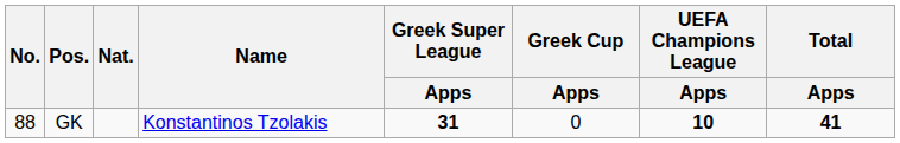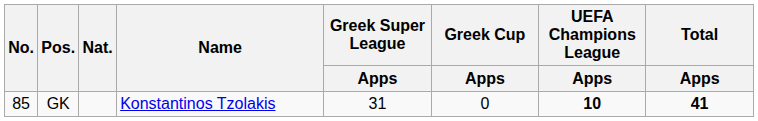 <table class="wikitable sortable" style="text-align:center">
 <tr>
 <th style="text-align:center;" rowspan="2">No.</th>
 <th style="text-align:center;" rowspan="2">Pos.</th>
 <th style="text-align:center;" rowspan="2">Nat.</th>
 <th style="text-align:center; width:200px;" rowspan="2">Name</th>
 <th style="text-align:center; width:100px;">Greek Super League</th>
 <th style="text-align:center; width:100px;">Greek Cup</th>
 <th style="text-align:center; width:100px;">UEFA Champions League</th>
 <th style="text-align:center; width:100px;">Total</th>
 </tr>
 <tr>
 <th style="text-align:center;">Apps</th>
 <th style="text-align:center;">Apps</th>
 <th style="text-align:center;">Apps</th>
 <th style="text-align:center;">Apps</th>
 </tr>
 <tr>
 </tr>
 <tr>
-<td>88</td>
+<td>85</td>
 <td>GK</td>
 <td></td>
 <td align=left><a href='#'>Konstantinos Tzolakis</a></td>
-<td><strong>31</strong></td>
+<td>31</td>
 <td>0</td>
 <td><strong>10</strong></td>
 <td><strong>41</strong></td>
 </tr>
 <tr>
 </tr>
 </table>
